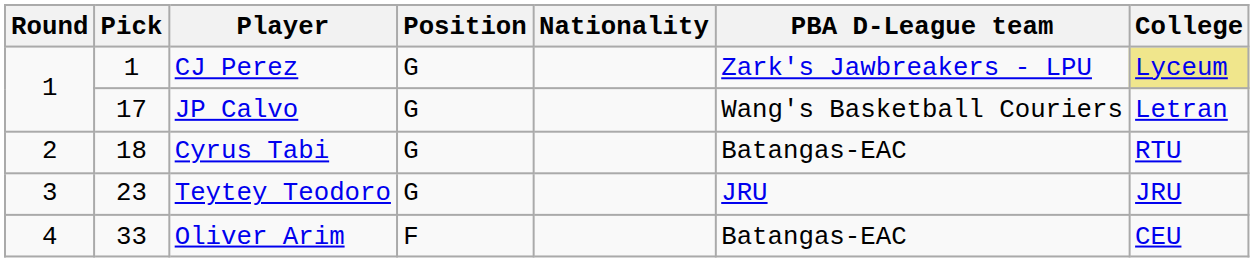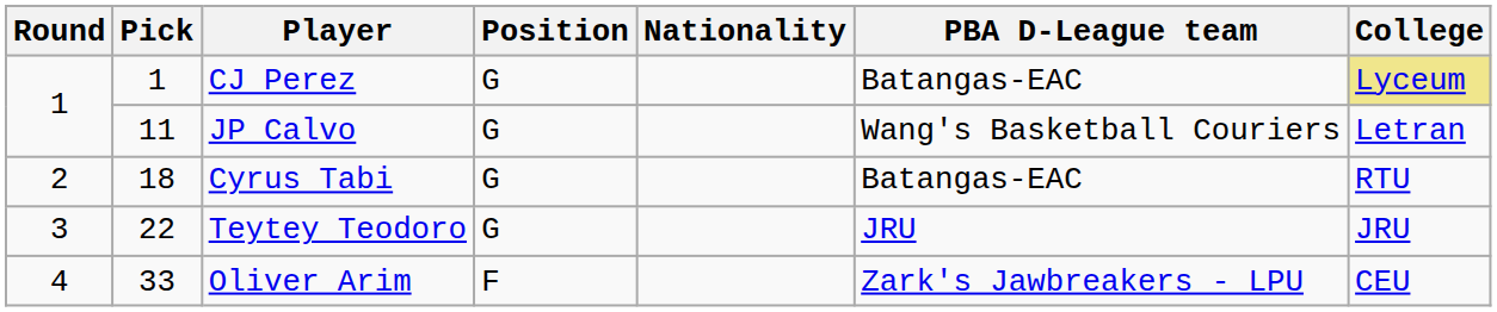 <table class="wikitable sortable sortable">
 <tr>
 <th>Round</th>
 <th>Pick</th>
 <th>Player</th>
 <th>Position</th>
 <th>Nationality</th>
 <th>PBA D-League team</th>
 <th>College</th>
 </tr>
 <tr>
 <td rowspan=2 align=center>1</td>
 <td align=center>1</td>
 <td><a href='#'>CJ Perez</a></td>
 <td>G</td>
 <td></td>
-<td><a href='#'>Zark's Jawbreakers - LPU</a></td>
+<td>Batangas-EAC</td>
 <td style="background: khaki;"><a href='#'>Lyceum</a></td>
 </tr>
 <tr>
-<td align=center>17</td>
+<td align=center>11</td>
 <td><a href='#'>JP Calvo</a></td>
 <td>G</td>
 <td></td>
 <td>Wang's Basketball Couriers</td>
 <td><a href='#'>Letran</a></td>
 </tr>
 <tr>
 <td align=center>2</td>
 <td align=center>18</td>
 <td><a href='#'>Cyrus Tabi</a></td>
 <td>G</td>
 <td></td>
 <td>Batangas-EAC</td>
 <td><a href='#'>RTU</a></td>
 </tr>
 <tr>
 <td align=center>3</td>
-<td align=center>23</td>
+<td align=center>22</td>
 <td><a href='#'>Teytey Teodoro</a></td>
 <td>G</td>
 <td></td>
 <td><a href='#'>JRU</a></td>
 <td><a href='#'>JRU</a></td>
 </tr>
 <tr>
 <td align=center>4</td>
 <td align=center>33</td>
 <td><a href='#'>Oliver Arim</a></td>
 <td>F</td>
 <td></td>
-<td>Batangas-EAC</td>
+<td><a href='#'>Zark's Jawbreakers - LPU</a></td>
 <td><a href='#'>CEU</a></td>
 </tr>
 </table>
